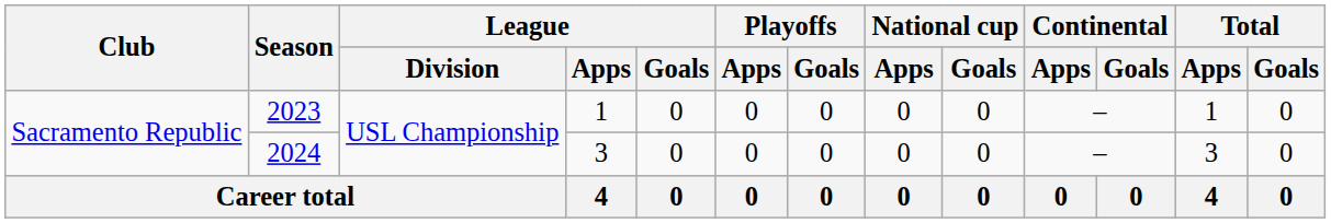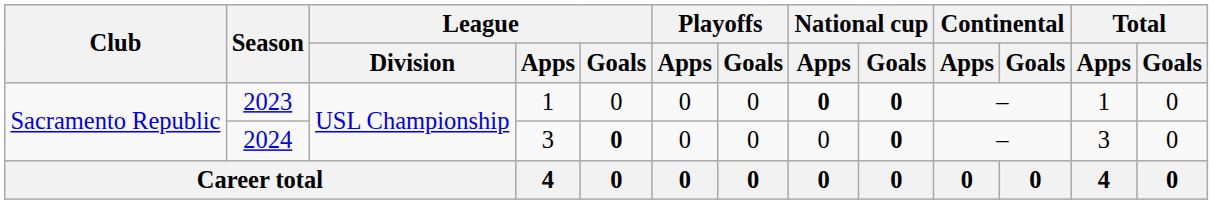 <table class="wikitable" style="text-align: center">
 <tr>
 <th rowspan="2">Club</th>
 <th rowspan="2">Season</th>
 <th colspan="3">League</th>
 <th colspan="2">Playoffs</th>
 <th colspan="2">National cup</th>
 <th colspan="2">Continental</th>
 <th colspan="2">Total</th>
 </tr>
 <tr>
 <th>Division</th>
 <th>Apps</th>
 <th>Goals</th>
 <th>Apps</th>
 <th>Goals</th>
 <th>Apps</th>
 <th>Goals</th>
 <th>Apps</th>
 <th>Goals</th>
 <th>Apps</th>
 <th>Goals</th>
 </tr>
 <tr>
 <td rowspan="2"><a href='#'>Sacramento Republic</a></td>
 <td><a href='#'>2023</a></td>
 <td rowspan="2"><a href='#'>USL Championship</a></td>
 <td>1</td>
 <td>0</td>
 <td>0</td>
 <td>0</td>
-<td>0</td>
-<td>0</td>
+<td><strong>0</strong></td>
+<td><strong>0</strong></td>
 <td colspan="2">–</td>
 <td>1</td>
 <td>0</td>
 </tr>
 <tr>
 <td><a href='#'>2024</a></td>
 <td>3</td>
+<td><strong>0</strong></td>
 <td>0</td>
 <td>0</td>
 <td>0</td>
-<td>0</td>
-<td>0</td>
+<td><strong>0</strong></td>
 <td colspan="2">–</td>
 <td>3</td>
 <td>0</td>
 </tr>
 <tr>
 <th colspan="3"><strong>Career total</strong></th>
 <th>4</th>
 <th>0</th>
 <th>0</th>
 <th>0</th>
 <th>0</th>
 <th>0</th>
 <th>0</th>
 <th>0</th>
 <th>4</th>
 <th>0</th>
 </tr>
 </table>
